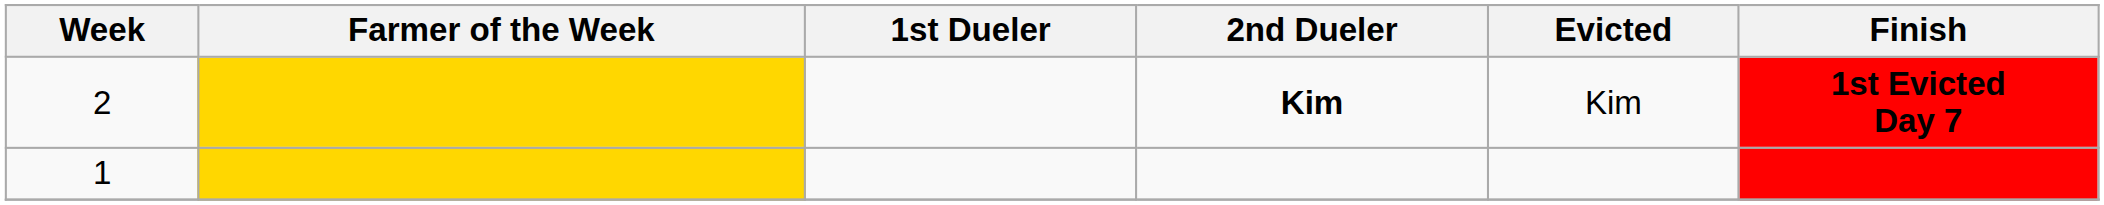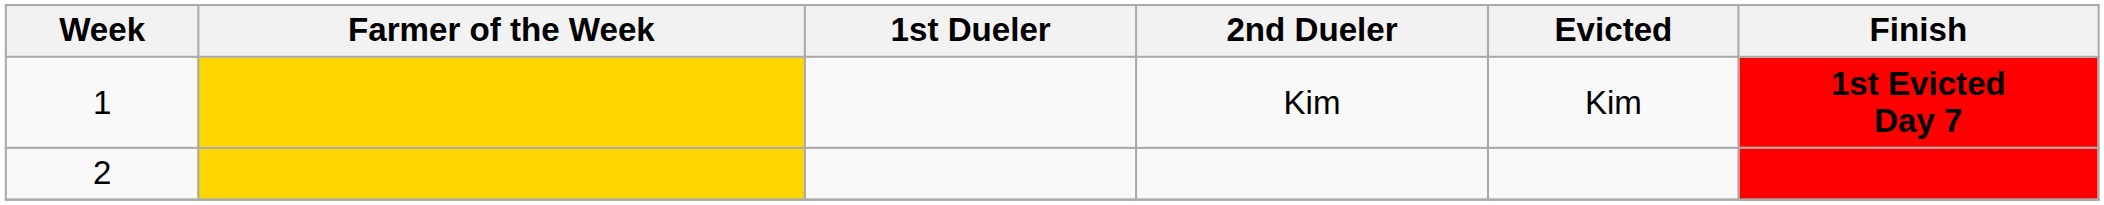 <table class="wikitable" style="font-size:100%; text-align:center; width: 80%; margin-left: auto; margin-right: auto;">
 <tr>
 <th>Week</th>
 <th>Farmer of the Week</th>
 <th>1st Dueler</th>
 <th>2nd Dueler</th>
 <th>Evicted</th>
 <th>Finish</th>
 </tr>
 <tr>
-<td>2</td>
+<td>1</td>
 <td style="background:gold;"></td>
 <td></td>
-<td><strong>Kim</strong></td>
+<td>Kim</td>
 <td>Kim</td>
 <td style="background:#ff0000"><strong>1st Evicted<br>Day 7</strong></td>
 </tr>
 <tr>
-<td>1</td>
+<td>2</td>
 <td style="background:gold;"></td>
 <td></td>
 <td></td>
 <td></td>
 <td style="background:#ff0000"></td>
 </tr>
 <tr>
 </tr>
 </table>
